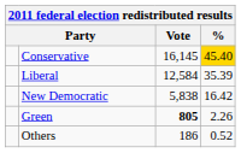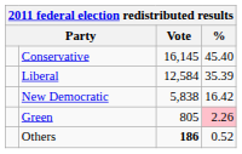 <table class="wikitable">
 <tr>
 <th colspan="4"><a href='#'>2011 federal election</a> redistributed results</th>
 </tr>
 <tr>
 <th bgcolor="#DDDDFF" width="130px" colspan="2">Party</th>
 <th bgcolor="#DDDDFF" width="50px">Vote</th>
 <th bgcolor="#DDDDFF" width="30px">%</th>
 </tr>
 <tr>
 <td> </td>
 <td><a href='#'>Conservative</a></td>
 <td align=right>16,145</td>
-<td align=right style="background: gold;">45.40</td>
+<td align=right>45.40</td>
 </tr>
 <tr>
 <td> </td>
 <td><a href='#'>Liberal</a></td>
 <td align=right>12,584</td>
 <td align=right>35.39</td>
 </tr>
 <tr>
 <td> </td>
 <td><a href='#'>New Democratic</a></td>
 <td align=right>5,838</td>
 <td align=right>16.42</td>
 </tr>
 <tr>
 <td> </td>
 <td><a href='#'>Green</a></td>
-<td align=right><strong>805</strong></td>
-<td align=right>2.26</td>
+<td align=right>805</td>
+<td align=right style="background: pink;">2.26</td>
 </tr>
 <tr>
 <td> </td>
 <td>Others</td>
-<td align=right>186</td>
+<td align=right><strong>186</strong></td>
 <td align=right>0.52</td>
 </tr>
 </table>
